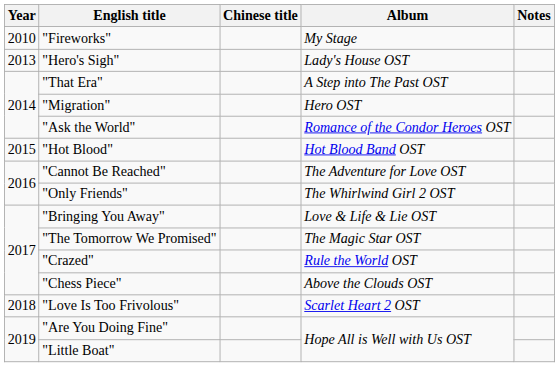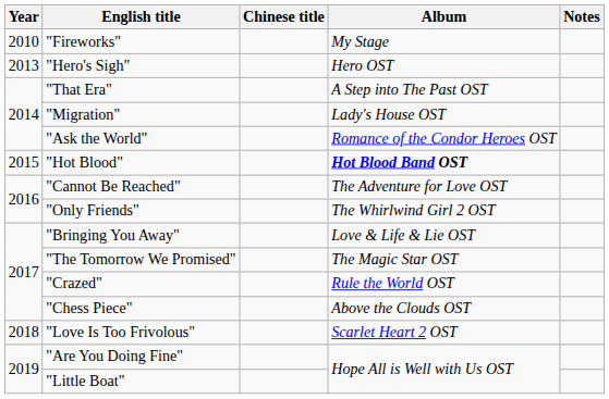 <table class="wikitable">
 <tr>
 <th>Year</th>
 <th>English title</th>
 <th>Chinese title</th>
 <th>Album</th>
 <th>Notes</th>
 </tr>
 <tr>
 <td>2010</td>
 <td>"Fireworks"</td>
 <td></td>
 <td><em>My Stage</em></td>
 <td></td>
 </tr>
 <tr>
 <td>2013</td>
 <td>"Hero's Sigh"</td>
 <td></td>
-<td><em>Lady's House OST</em></td>
+<td><em>Hero OST</em></td>
 <td></td>
 </tr>
 <tr>
 <td rowspan=3>2014</td>
 <td>"That Era"</td>
 <td></td>
 <td><em>A Step into The Past OST</em></td>
 <td></td>
 </tr>
 <tr>
 <td>"Migration"</td>
 <td></td>
-<td><em>Hero OST</em></td>
+<td><em>Lady's House OST</em></td>
 <td></td>
 </tr>
 <tr>
 <td>"Ask the World"</td>
 <td></td>
 <td><em><a href='#'>Romance of the Condor Heroes</a> OST</em></td>
 <td></td>
 </tr>
 <tr>
 <td>2015</td>
 <td>"Hot Blood"</td>
 <td></td>
-<td><em><a href='#'>Hot Blood Band</a> OST</em></td>
+<td><strong><em><a href='#'>Hot Blood Band</a> OST</em></strong></td>
 <td></td>
 </tr>
 <tr>
 <td rowspan=2>2016</td>
 <td>"Cannot Be Reached"</td>
 <td></td>
 <td><em>The Adventure for Love OST</em></td>
 <td></td>
 </tr>
 <tr>
 <td>"Only Friends"</td>
 <td></td>
 <td><em>The Whirlwind Girl 2 OST</em></td>
 <td></td>
 </tr>
 <tr>
 <td rowspan=4>2017</td>
 <td>"Bringing You Away"</td>
 <td></td>
 <td><em>Love & Life & Lie OST</em></td>
 <td></td>
 </tr>
 <tr>
 <td>"The Tomorrow We Promised"</td>
 <td></td>
 <td><em>The Magic Star OST</em></td>
 <td></td>
 </tr>
 <tr>
 <td>"Crazed"</td>
 <td></td>
 <td><em><a href='#'>Rule the World</a> OST</em></td>
 <td></td>
 </tr>
 <tr>
 <td>"Chess Piece"</td>
 <td></td>
 <td><em>Above the Clouds OST</em></td>
 <td></td>
 </tr>
 <tr>
 <td>2018</td>
 <td>"Love Is Too Frivolous"</td>
 <td></td>
 <td><em><a href='#'>Scarlet Heart 2</a> OST</em></td>
 <td></td>
 </tr>
 <tr>
 <td rowspan=2>2019</td>
 <td>"Are You Doing Fine"</td>
 <td></td>
 <td rowspan=2><em>Hope All is Well with Us OST</em></td>
 <td></td>
 </tr>
 <tr>
 <td>"Little Boat"</td>
 <td></td>
 <td></td>
 </tr>
 </table>
